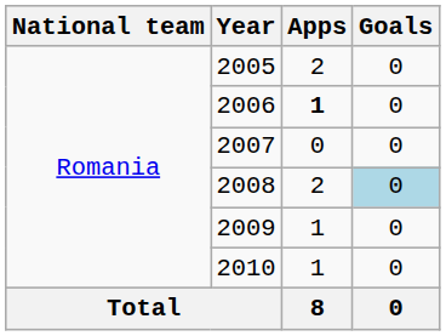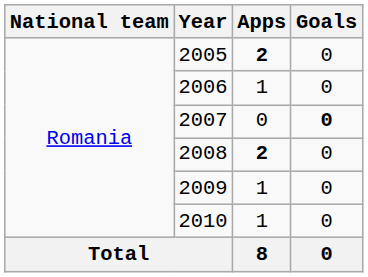 <table class="wikitable" style="text-align:center">
 <tr>
 <th>National team</th>
 <th>Year</th>
 <th>Apps</th>
 <th>Goals</th>
 </tr>
 <tr>
 <td rowspan="6"><a href='#'>Romania</a></td>
 <td>2005</td>
-<td>2</td>
+<td><strong>2</strong></td>
 <td>0</td>
 </tr>
 <tr>
 <td>2006</td>
-<td><strong>1</strong></td>
+<td>1</td>
 <td>0</td>
 </tr>
 <tr>
 <td>2007</td>
 <td>0</td>
-<td>0</td>
+<td><strong>0</strong></td>
 </tr>
 <tr>
 <td>2008</td>
-<td>2</td>
-<td style="background: lightblue;">0</td>
+<td><strong>2</strong></td>
+<td>0</td>
 </tr>
 <tr>
 <td>2009</td>
 <td>1</td>
 <td>0</td>
 </tr>
 <tr>
 <td>2010</td>
 <td>1</td>
 <td>0</td>
 </tr>
 <tr>
 <th colspan="2">Total</th>
 <th>8</th>
 <th>0</th>
 </tr>
 </table>
